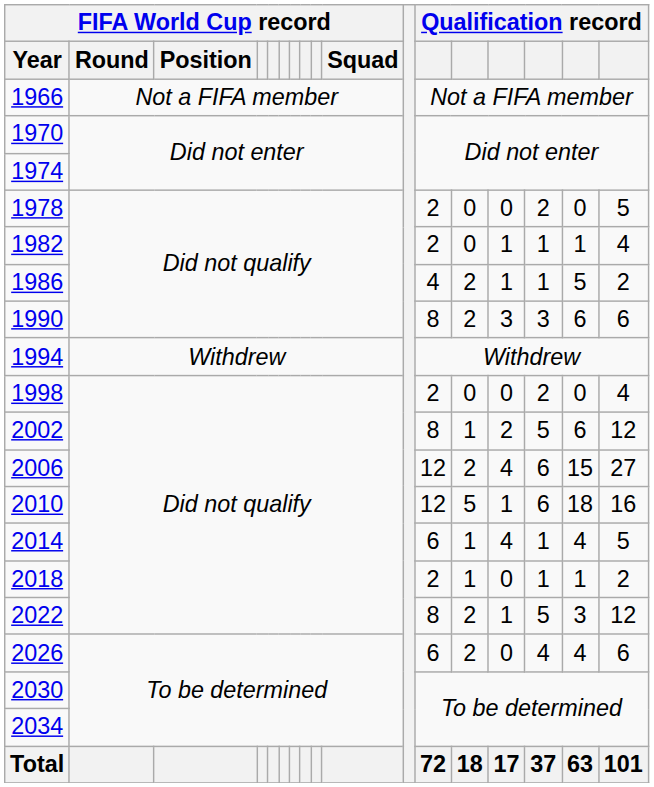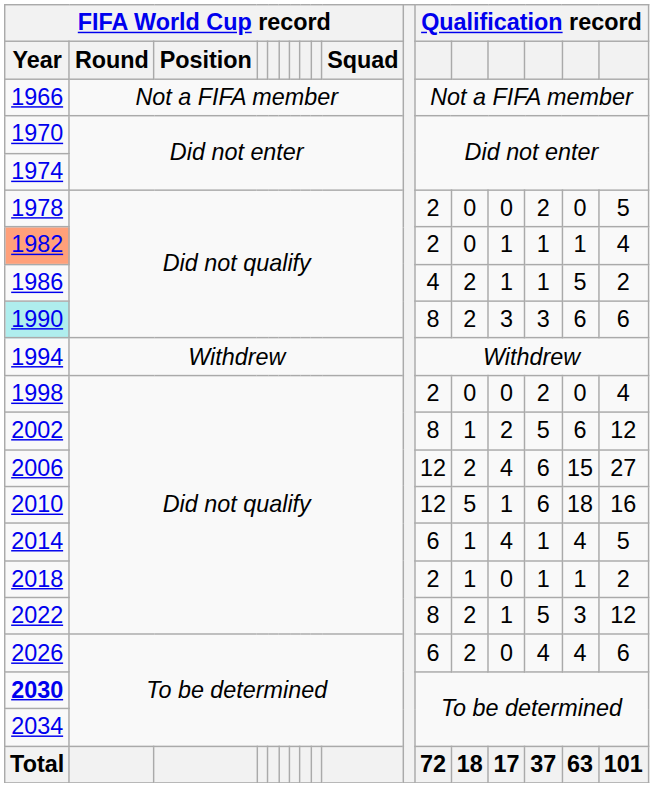 <table class="wikitable" style="text-align: center;">
 <tr>
 <th colspan=10><a href='#'>FIFA World Cup</a> record</th>
 <th rowspan="28"></th>
 <th colspan=6><a href='#'>Qualification</a> record</th>
 </tr>
 <tr>
 <th>Year</th>
 <th>Round</th>
 <th>Position</th>
 <th></th>
 <th></th>
 <th></th>
 <th></th>
 <th></th>
 <th></th>
 <th>Squad</th>
 <th></th>
 <th></th>
 <th></th>
 <th></th>
 <th></th>
 <th></th>
 </tr>
 <tr>
 <td> <a href='#'>1966</a></td>
 <td colspan=9><em>Not a FIFA member</em></td>
 <td colspan=6><em>Not a FIFA member</em></td>
 </tr>
 <tr>
 <td> <a href='#'>1970</a></td>
 <td rowspan=2 colspan=9><em>Did not enter</em></td>
 <td rowspan=2 colspan=6><em>Did not enter</em></td>
 </tr>
 <tr>
 <td> <a href='#'>1974</a></td>
 </tr>
 <tr>
 <td> <a href='#'>1978</a></td>
 <td rowspan=4 colspan=9><em>Did not qualify</em></td>
 <td>2</td>
 <td>0</td>
 <td>0</td>
 <td>2</td>
 <td>0</td>
 <td>5</td>
 </tr>
 <tr>
-<td> <a href='#'>1982</a></td>
+<td style="background: lightsalmon;"> <a href='#'>1982</a></td>
 <td>2</td>
 <td>0</td>
 <td>1</td>
 <td>1</td>
 <td>1</td>
 <td>4</td>
 </tr>
 <tr>
 <td> <a href='#'>1986</a></td>
 <td>4</td>
 <td>2</td>
 <td>1</td>
 <td>1</td>
 <td>5</td>
 <td>2</td>
 </tr>
 <tr>
-<td> <a href='#'>1990</a></td>
+<td style="background: paleturquoise;"> <a href='#'>1990</a></td>
 <td>8</td>
 <td>2</td>
 <td>3</td>
 <td>3</td>
 <td>6</td>
 <td>6</td>
 </tr>
 <tr>
 <td> <a href='#'>1994</a></td>
 <td colspan=9><em>Withdrew</em></td>
 <td colspan=6><em>Withdrew</em></td>
 </tr>
 <tr>
 <td> <a href='#'>1998</a></td>
 <td rowspan=7 colspan=9><em>Did not qualify</em></td>
 <td>2</td>
 <td>0</td>
 <td>0</td>
 <td>2</td>
 <td>0</td>
 <td>4</td>
 </tr>
 <tr>
 <td>  <a href='#'>2002</a></td>
 <td>8</td>
 <td>1</td>
 <td>2</td>
 <td>5</td>
 <td>6</td>
 <td>12</td>
 </tr>
 <tr>
 <td> <a href='#'>2006</a></td>
 <td>12</td>
 <td>2</td>
 <td>4</td>
 <td>6</td>
 <td>15</td>
 <td>27</td>
 </tr>
 <tr>
 <td> <a href='#'>2010</a></td>
 <td>12</td>
 <td>5</td>
 <td>1</td>
 <td>6</td>
 <td>18</td>
 <td>16</td>
 </tr>
 <tr>
 <td> <a href='#'>2014</a></td>
 <td>6</td>
 <td>1</td>
 <td>4</td>
 <td>1</td>
 <td>4</td>
 <td>5</td>
 </tr>
 <tr>
 <td> <a href='#'>2018</a></td>
 <td>2</td>
 <td>1</td>
 <td>0</td>
 <td>1</td>
 <td>1</td>
 <td>2</td>
 </tr>
 <tr>
 <td> <a href='#'>2022</a></td>
 <td>8</td>
 <td>2</td>
 <td>1</td>
 <td>5</td>
 <td>3</td>
 <td>12</td>
 </tr>
 <tr>
 <td>   <a href='#'>2026</a></td>
 <td rowspan=3 colspan=9><em>To be determined</em></td>
 <td>6</td>
 <td>2</td>
 <td>0</td>
 <td>4</td>
 <td>4</td>
 <td>6</td>
 </tr>
 <tr>
-<td>   <a href='#'>2030</a></td>
+<td><strong>   <a href='#'>2030</a></strong></td>
 <td rowspan=2 colspan=6><em>To be determined</em></td>
 </tr>
 <tr>
 <td> <a href='#'>2034</a></td>
 </tr>
 <tr>
 <th>Total</th>
 <th></th>
 <th></th>
 <th></th>
 <th></th>
 <th></th>
 <th></th>
 <th></th>
 <th></th>
 <th></th>
 <th>72</th>
 <th>18</th>
 <th>17</th>
 <th>37</th>
 <th>63</th>
 <th>101</th>
 </tr>
 </table>
